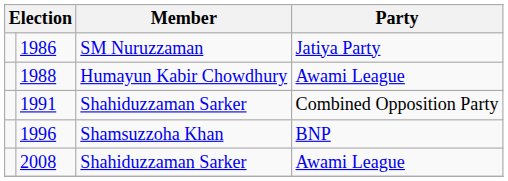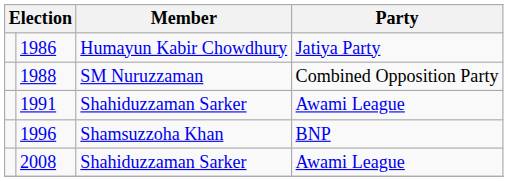 <table class="wikitable">
 <tr>
 <th colspan="2">Election</th>
 <th>Member</th>
 <th>Party</th>
 </tr>
 <tr>
 <td style="background-color:"></td>
 <td><a href='#'>1986</a></td>
-<td><a href='#'>SM Nuruzzaman</a></td>
+<td><a href='#'>Humayun Kabir Chowdhury</a></td>
 <td><a href='#'>Jatiya Party</a></td>
 </tr>
 <tr>
 <td></td>
 <td><a href='#'>1988</a></td>
-<td><a href='#'>Humayun Kabir Chowdhury</a></td>
-<td><a href='#'>Awami League</a></td>
+<td><a href='#'>SM Nuruzzaman</a></td>
+<td>Combined Opposition Party</td>
 </tr>
 <tr>
 <td style="background-color:"></td>
 <td><a href='#'>1991</a></td>
 <td><a href='#'>Shahiduzzaman Sarker</a></td>
-<td>Combined Opposition Party</td>
+<td><a href='#'>Awami League</a></td>
 </tr>
 <tr>
 <td style="background-color:"></td>
 <td><a href='#'>1996</a></td>
 <td><a href='#'>Shamsuzzoha Khan</a></td>
 <td><a href='#'>BNP</a></td>
 </tr>
 <tr>
 <td style="background-color:"></td>
 <td><a href='#'>2008</a></td>
 <td><a href='#'>Shahiduzzaman Sarker</a></td>
 <td><a href='#'>Awami League</a></td>
 </tr>
 <tr>
 </tr>
 </table>
